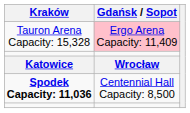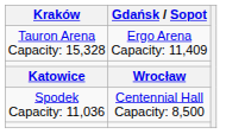 <table class="wikitable" style="text-align:center;">
 <tr>
 <th><a href='#'>Kraków</a></th>
 <th><a href='#'>Gdańsk</a> / <a href='#'>Sopot</a></th>
 <th rowspan=6></th>
 </tr>
 <tr>
 <td><a href='#'>Tauron Arena</a><br>Capacity: 15,328</td>
-<td style="background: pink;"><a href='#'>Ergo Arena</a><br>Capacity: 11,409</td>
+<td><a href='#'>Ergo Arena</a><br>Capacity: 11,409</td>
 </tr>
 <tr>
 <td></td>
 <td></td>
 </tr>
 <tr>
 <th><a href='#'>Katowice</a></th>
 <th><a href='#'>Wrocław</a></th>
 </tr>
 <tr>
-<td><strong><a href='#'>Spodek</a><br>Capacity: 11,036</strong></td>
+<td><a href='#'>Spodek</a><br>Capacity: 11,036</td>
 <td><a href='#'>Centennial Hall</a><br>Capacity: 8,500</td>
 </tr>
 <tr>
 <td></td>
 <td></td>
 </tr>
 </table>
